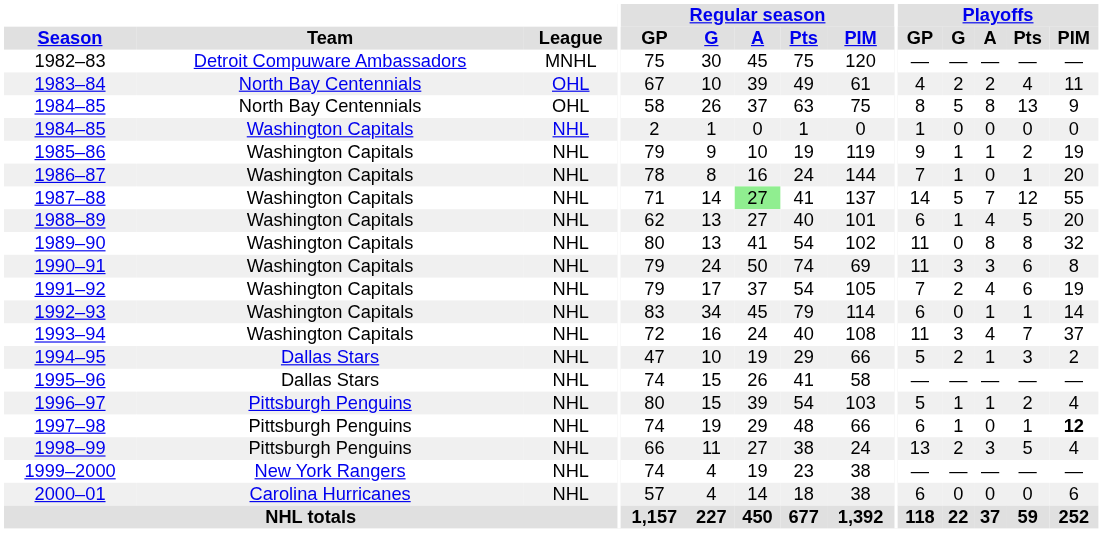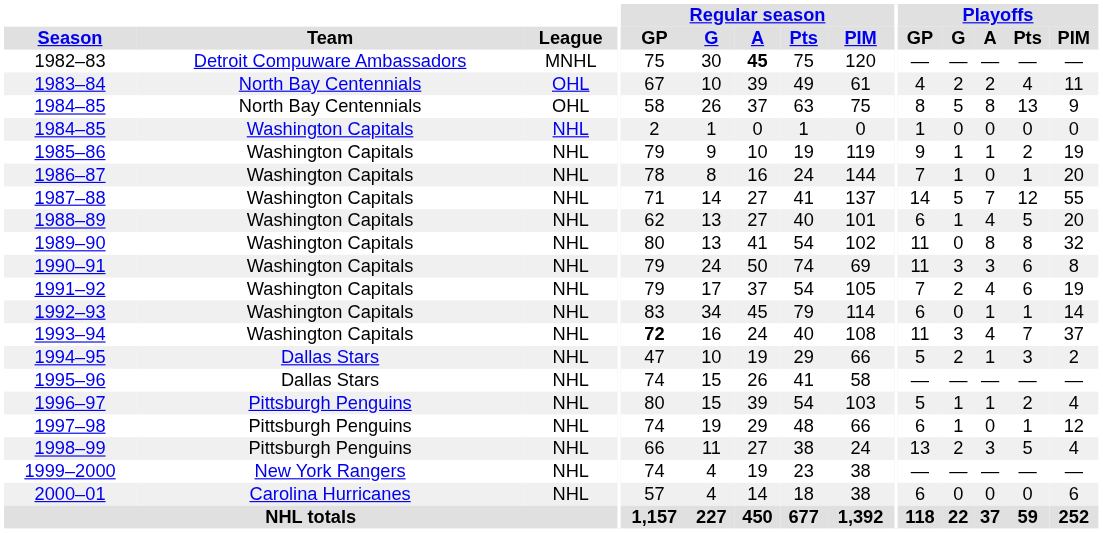 <table border="0" cellpadding="1" cellspacing="0" style="text-align:center; width:60em">
 <tr bgcolor="#e0e0e0">
 <th colspan="3"  bgcolor="#ffffff"></th>
 <th rowspan="100" bgcolor="#ffffff"></th>
 <th colspan="5"><a href='#'>Regular season</a></th>
 <th rowspan="100" bgcolor="#ffffff"></th>
 <th colspan="5"><a href='#'>Playoffs</a></th>
 </tr>
 <tr bgcolor="#e0e0e0">
 <th><a href='#'>Season</a></th>
 <th>Team</th>
 <th>League</th>
 <th>GP</th>
 <th><a href='#'>G</a></th>
 <th><a href='#'>A</a></th>
 <th><a href='#'>Pts</a></th>
 <th><a href='#'>PIM</a></th>
 <th>GP</th>
 <th>G</th>
 <th>A</th>
 <th>Pts</th>
 <th>PIM</th>
 </tr>
 <tr>
 <td>1982–83</td>
 <td><a href='#'>Detroit Compuware Ambassadors</a></td>
 <td>MNHL</td>
 <td>75</td>
 <td>30</td>
-<td>45</td>
+<td><strong>45</strong></td>
 <td>75</td>
 <td>120</td>
 <td>—</td>
 <td>—</td>
 <td>—</td>
 <td>—</td>
 <td>—</td>
 </tr>
 <tr bgcolor="#f0f0f0">
 <td><a href='#'>1983–84</a></td>
 <td><a href='#'>North Bay Centennials</a></td>
 <td><a href='#'>OHL</a></td>
 <td>67</td>
 <td>10</td>
 <td>39</td>
 <td>49</td>
 <td>61</td>
 <td>4</td>
 <td>2</td>
 <td>2</td>
 <td>4</td>
 <td>11</td>
 </tr>
 <tr>
 <td><a href='#'>1984–85</a></td>
 <td>North Bay Centennials</td>
 <td>OHL</td>
 <td>58</td>
 <td>26</td>
 <td>37</td>
 <td>63</td>
 <td>75</td>
 <td>8</td>
 <td>5</td>
 <td>8</td>
 <td>13</td>
 <td>9</td>
 </tr>
 <tr bgcolor="#f0f0f0">
 <td><a href='#'>1984–85</a></td>
 <td><a href='#'>Washington Capitals</a></td>
 <td><a href='#'>NHL</a></td>
 <td>2</td>
 <td>1</td>
 <td>0</td>
 <td>1</td>
 <td>0</td>
 <td>1</td>
 <td>0</td>
 <td>0</td>
 <td>0</td>
 <td>0</td>
 </tr>
 <tr>
 <td><a href='#'>1985–86</a></td>
 <td>Washington Capitals</td>
 <td>NHL</td>
 <td>79</td>
 <td>9</td>
 <td>10</td>
 <td>19</td>
 <td>119</td>
 <td>9</td>
 <td>1</td>
 <td>1</td>
 <td>2</td>
 <td>19</td>
 </tr>
 <tr bgcolor="#f0f0f0">
 <td><a href='#'>1986–87</a></td>
 <td>Washington Capitals</td>
 <td>NHL</td>
 <td>78</td>
 <td>8</td>
 <td>16</td>
 <td>24</td>
 <td>144</td>
 <td>7</td>
 <td>1</td>
 <td>0</td>
 <td>1</td>
 <td>20</td>
 </tr>
 <tr>
 <td><a href='#'>1987–88</a></td>
 <td>Washington Capitals</td>
 <td>NHL</td>
 <td>71</td>
 <td>14</td>
-<td style="background: lightgreen;">27</td>
+<td>27</td>
 <td>41</td>
 <td>137</td>
 <td>14</td>
 <td>5</td>
 <td>7</td>
 <td>12</td>
 <td>55</td>
 </tr>
 <tr bgcolor="#f0f0f0">
 <td><a href='#'>1988–89</a></td>
 <td>Washington Capitals</td>
 <td>NHL</td>
 <td>62</td>
 <td>13</td>
 <td>27</td>
 <td>40</td>
 <td>101</td>
 <td>6</td>
 <td>1</td>
 <td>4</td>
 <td>5</td>
 <td>20</td>
 </tr>
 <tr>
 <td><a href='#'>1989–90</a></td>
 <td>Washington Capitals</td>
 <td>NHL</td>
 <td>80</td>
 <td>13</td>
 <td>41</td>
 <td>54</td>
 <td>102</td>
 <td>11</td>
 <td>0</td>
 <td>8</td>
 <td>8</td>
 <td>32</td>
 </tr>
 <tr bgcolor="#f0f0f0">
 <td><a href='#'>1990–91</a></td>
 <td>Washington Capitals</td>
 <td>NHL</td>
 <td>79</td>
 <td>24</td>
 <td>50</td>
 <td>74</td>
 <td>69</td>
 <td>11</td>
 <td>3</td>
 <td>3</td>
 <td>6</td>
 <td>8</td>
 </tr>
 <tr>
 <td><a href='#'>1991–92</a></td>
 <td>Washington Capitals</td>
 <td>NHL</td>
 <td>79</td>
 <td>17</td>
 <td>37</td>
 <td>54</td>
 <td>105</td>
 <td>7</td>
 <td>2</td>
 <td>4</td>
 <td>6</td>
 <td>19</td>
 </tr>
 <tr bgcolor="#f0f0f0">
 <td><a href='#'>1992–93</a></td>
 <td>Washington Capitals</td>
 <td>NHL</td>
 <td>83</td>
 <td>34</td>
 <td>45</td>
 <td>79</td>
 <td>114</td>
 <td>6</td>
 <td>0</td>
 <td>1</td>
 <td>1</td>
 <td>14</td>
 </tr>
 <tr>
 <td><a href='#'>1993–94</a></td>
 <td>Washington Capitals</td>
 <td>NHL</td>
-<td>72</td>
+<td><strong>72</strong></td>
 <td>16</td>
 <td>24</td>
 <td>40</td>
 <td>108</td>
 <td>11</td>
 <td>3</td>
 <td>4</td>
 <td>7</td>
 <td>37</td>
 </tr>
 <tr bgcolor="#f0f0f0">
 <td><a href='#'>1994–95</a></td>
 <td><a href='#'>Dallas Stars</a></td>
 <td>NHL</td>
 <td>47</td>
 <td>10</td>
 <td>19</td>
 <td>29</td>
 <td>66</td>
 <td>5</td>
 <td>2</td>
 <td>1</td>
 <td>3</td>
 <td>2</td>
 </tr>
 <tr>
 <td><a href='#'>1995–96</a></td>
 <td>Dallas Stars</td>
 <td>NHL</td>
 <td>74</td>
 <td>15</td>
 <td>26</td>
 <td>41</td>
 <td>58</td>
 <td>—</td>
 <td>—</td>
 <td>—</td>
 <td>—</td>
 <td>—</td>
 </tr>
 <tr bgcolor="#f0f0f0">
 <td><a href='#'>1996–97</a></td>
 <td><a href='#'>Pittsburgh Penguins</a></td>
 <td>NHL</td>
 <td>80</td>
 <td>15</td>
 <td>39</td>
 <td>54</td>
 <td>103</td>
 <td>5</td>
 <td>1</td>
 <td>1</td>
 <td>2</td>
 <td>4</td>
 </tr>
 <tr>
 <td><a href='#'>1997–98</a></td>
 <td>Pittsburgh Penguins</td>
 <td>NHL</td>
 <td>74</td>
 <td>19</td>
 <td>29</td>
 <td>48</td>
 <td>66</td>
 <td>6</td>
 <td>1</td>
 <td>0</td>
 <td>1</td>
-<td><strong>12</strong></td>
+<td>12</td>
 </tr>
 <tr bgcolor="#f0f0f0">
 <td><a href='#'>1998–99</a></td>
 <td>Pittsburgh Penguins</td>
 <td>NHL</td>
 <td>66</td>
 <td>11</td>
 <td>27</td>
 <td>38</td>
 <td>24</td>
 <td>13</td>
 <td>2</td>
 <td>3</td>
 <td>5</td>
 <td>4</td>
 </tr>
 <tr>
 <td><a href='#'>1999–2000</a></td>
 <td><a href='#'>New York Rangers</a></td>
 <td>NHL</td>
 <td>74</td>
 <td>4</td>
 <td>19</td>
 <td>23</td>
 <td>38</td>
 <td>—</td>
 <td>—</td>
 <td>—</td>
 <td>—</td>
 <td>—</td>
 </tr>
 <tr bgcolor="#f0f0f0">
 <td><a href='#'>2000–01</a></td>
 <td><a href='#'>Carolina Hurricanes</a></td>
 <td>NHL</td>
 <td>57</td>
 <td>4</td>
 <td>14</td>
 <td>18</td>
 <td>38</td>
 <td>6</td>
 <td>0</td>
 <td>0</td>
 <td>0</td>
 <td>6</td>
 </tr>
 <tr style="background:#e0e0e0;">
 <th colspan="3">NHL totals</th>
 <th>1,157</th>
 <th>227</th>
 <th>450</th>
 <th>677</th>
 <th>1,392</th>
 <th>118</th>
 <th>22</th>
 <th>37</th>
 <th>59</th>
 <th>252</th>
 </tr>
 </table>
